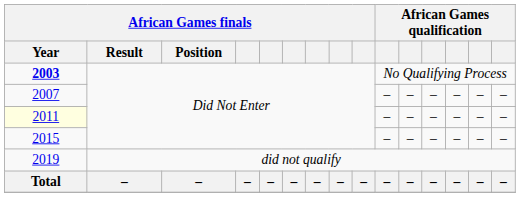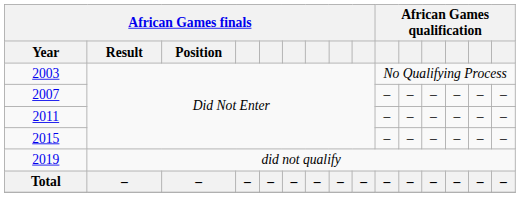 <table class="wikitable" style="text-align:center;">
 <tr>
 <th colspan="9"><a href='#'>African Games finals</a></th>
 <th colspan="6">African Games<br>qualification</th>
 </tr>
 <tr>
 <th style="width:90px;">Year</th>
 <th style="width:80px;">Result</th>
 <th style="width:80px;">Position</th>
 <th style="width:20px;"></th>
 <th style="width:20px;"></th>
 <th style="width:20px;"></th>
 <th style="width:20px;"></th>
 <th style="width:20px;"></th>
 <th style="width:20px;"></th>
 <th style="width:20px;"></th>
 <th style="width:20px;"></th>
 <th style="width:20px;"></th>
 <th style="width:20px;"></th>
 <th style="width:20px;"></th>
 <th style="width:20px;"></th>
 </tr>
 <tr>
-<td><strong> <a href='#'>2003</a></strong></td>
+<td> <a href='#'>2003</a></td>
 <td rowspan="4" colspan="8"><em>Did Not Enter</em></td>
 <td colspan="6"><em>No Qualifying Process</em></td>
 </tr>
 <tr>
 <td> <a href='#'>2007</a></td>
 <td>–</td>
 <td>–</td>
 <td>–</td>
 <td>–</td>
 <td>–</td>
 <td>–</td>
 </tr>
 <tr>
-<td style="background: lightyellow;"> <a href='#'>2011</a></td>
+<td> <a href='#'>2011</a></td>
 <td>–</td>
 <td>–</td>
 <td>–</td>
 <td>–</td>
 <td>–</td>
 <td>–</td>
 </tr>
 <tr>
 <td> <a href='#'>2015</a></td>
 <td>–</td>
 <td>–</td>
 <td>–</td>
 <td>–</td>
 <td>–</td>
 <td>–</td>
 </tr>
 <tr>
 <td> <a href='#'>2019</a></td>
 <td colspan=14><em>did not qualify</em></td>
 </tr>
 <tr>
 <th>Total</th>
 <th>–</th>
 <th>–</th>
 <th>–</th>
 <th>–</th>
 <th>–</th>
 <th>–</th>
 <th>–</th>
 <th>–</th>
 <th>–</th>
 <th>–</th>
 <th>–</th>
 <th>–</th>
 <th>–</th>
 <th>–</th>
 </tr>
 <tr>
 </tr>
 </table>
